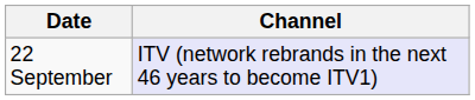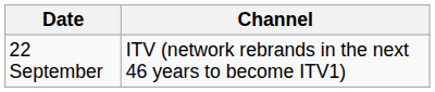 <table class="wikitable">
 <tr>
 <th width=90>Date</th>
 <th width=250>Channel</th>
 </tr>
 <tr>
 <td>22 September</td>
-<td style="background: lavender;">ITV (network rebrands in the next 46 years to become ITV1)</td>
+<td>ITV (network rebrands in the next 46 years to become ITV1)</td>
 </tr>
 </table>
